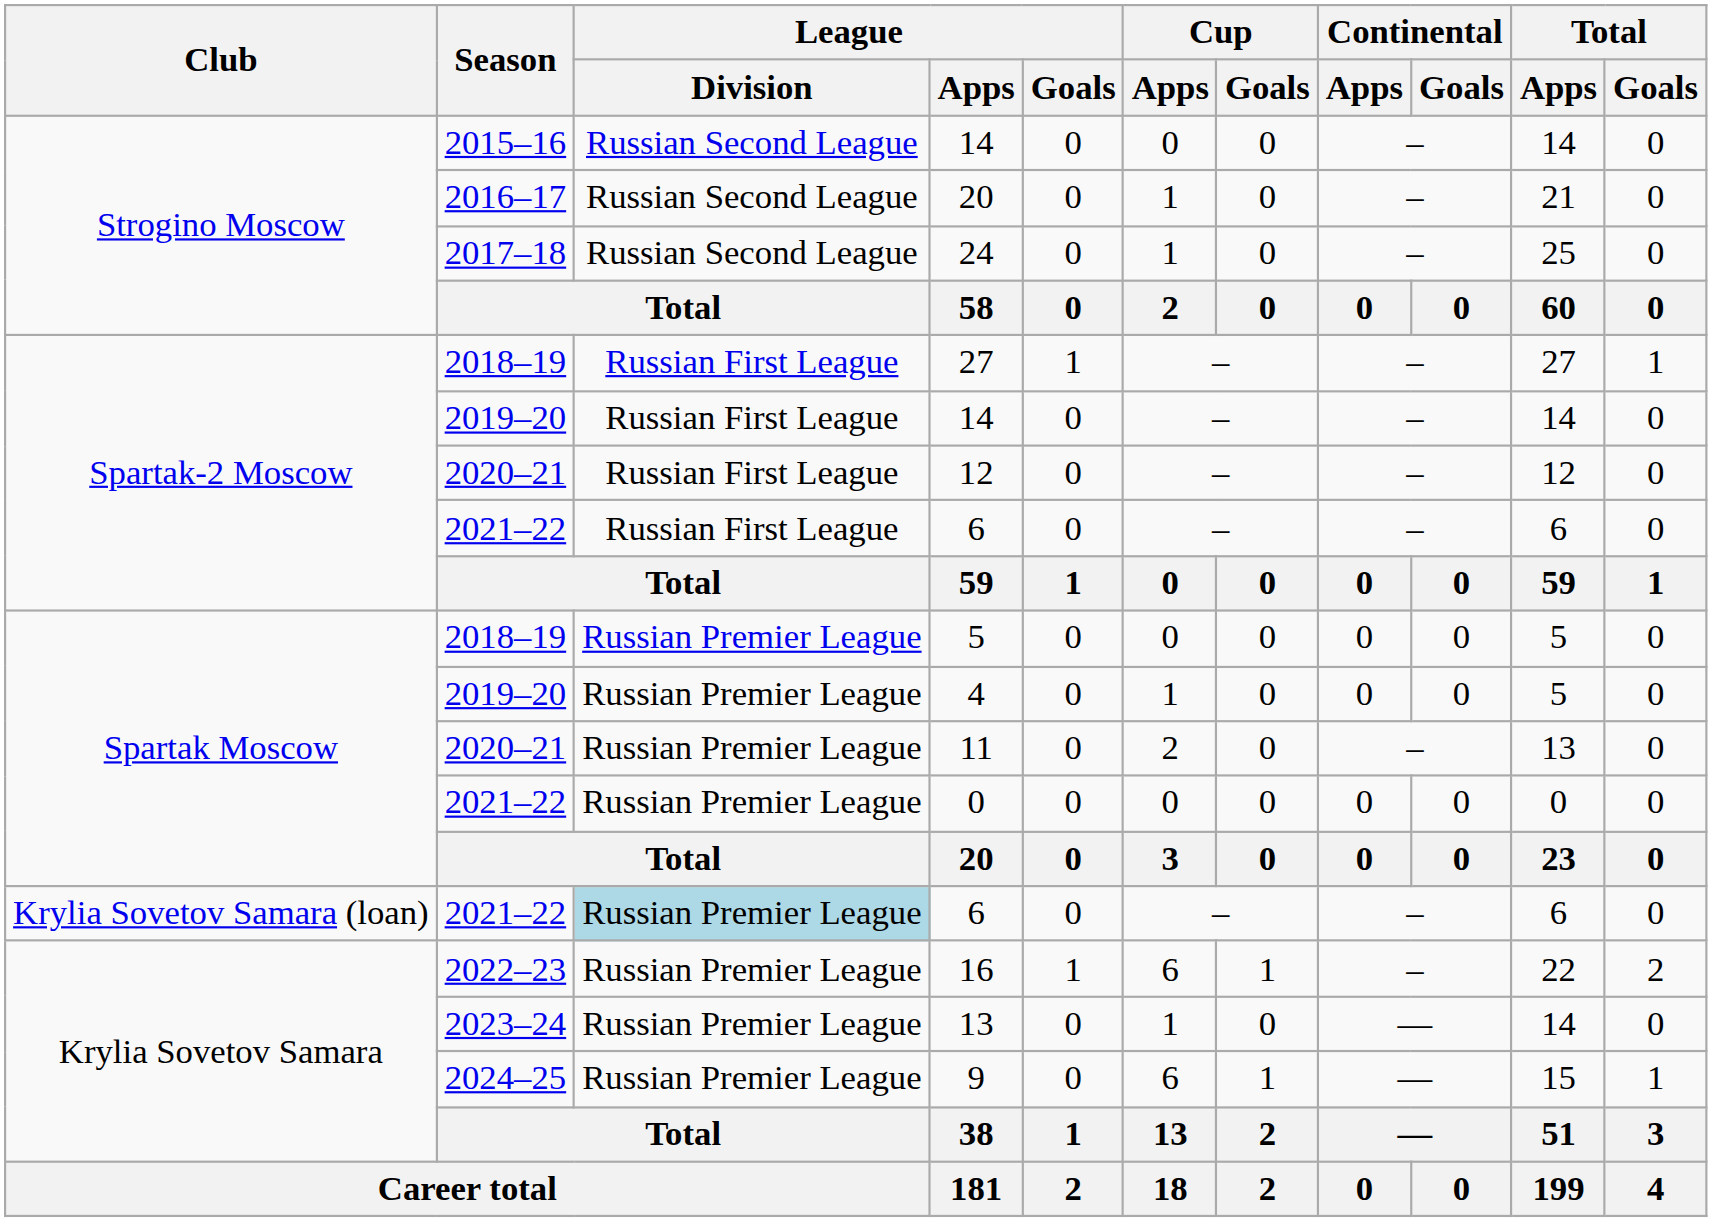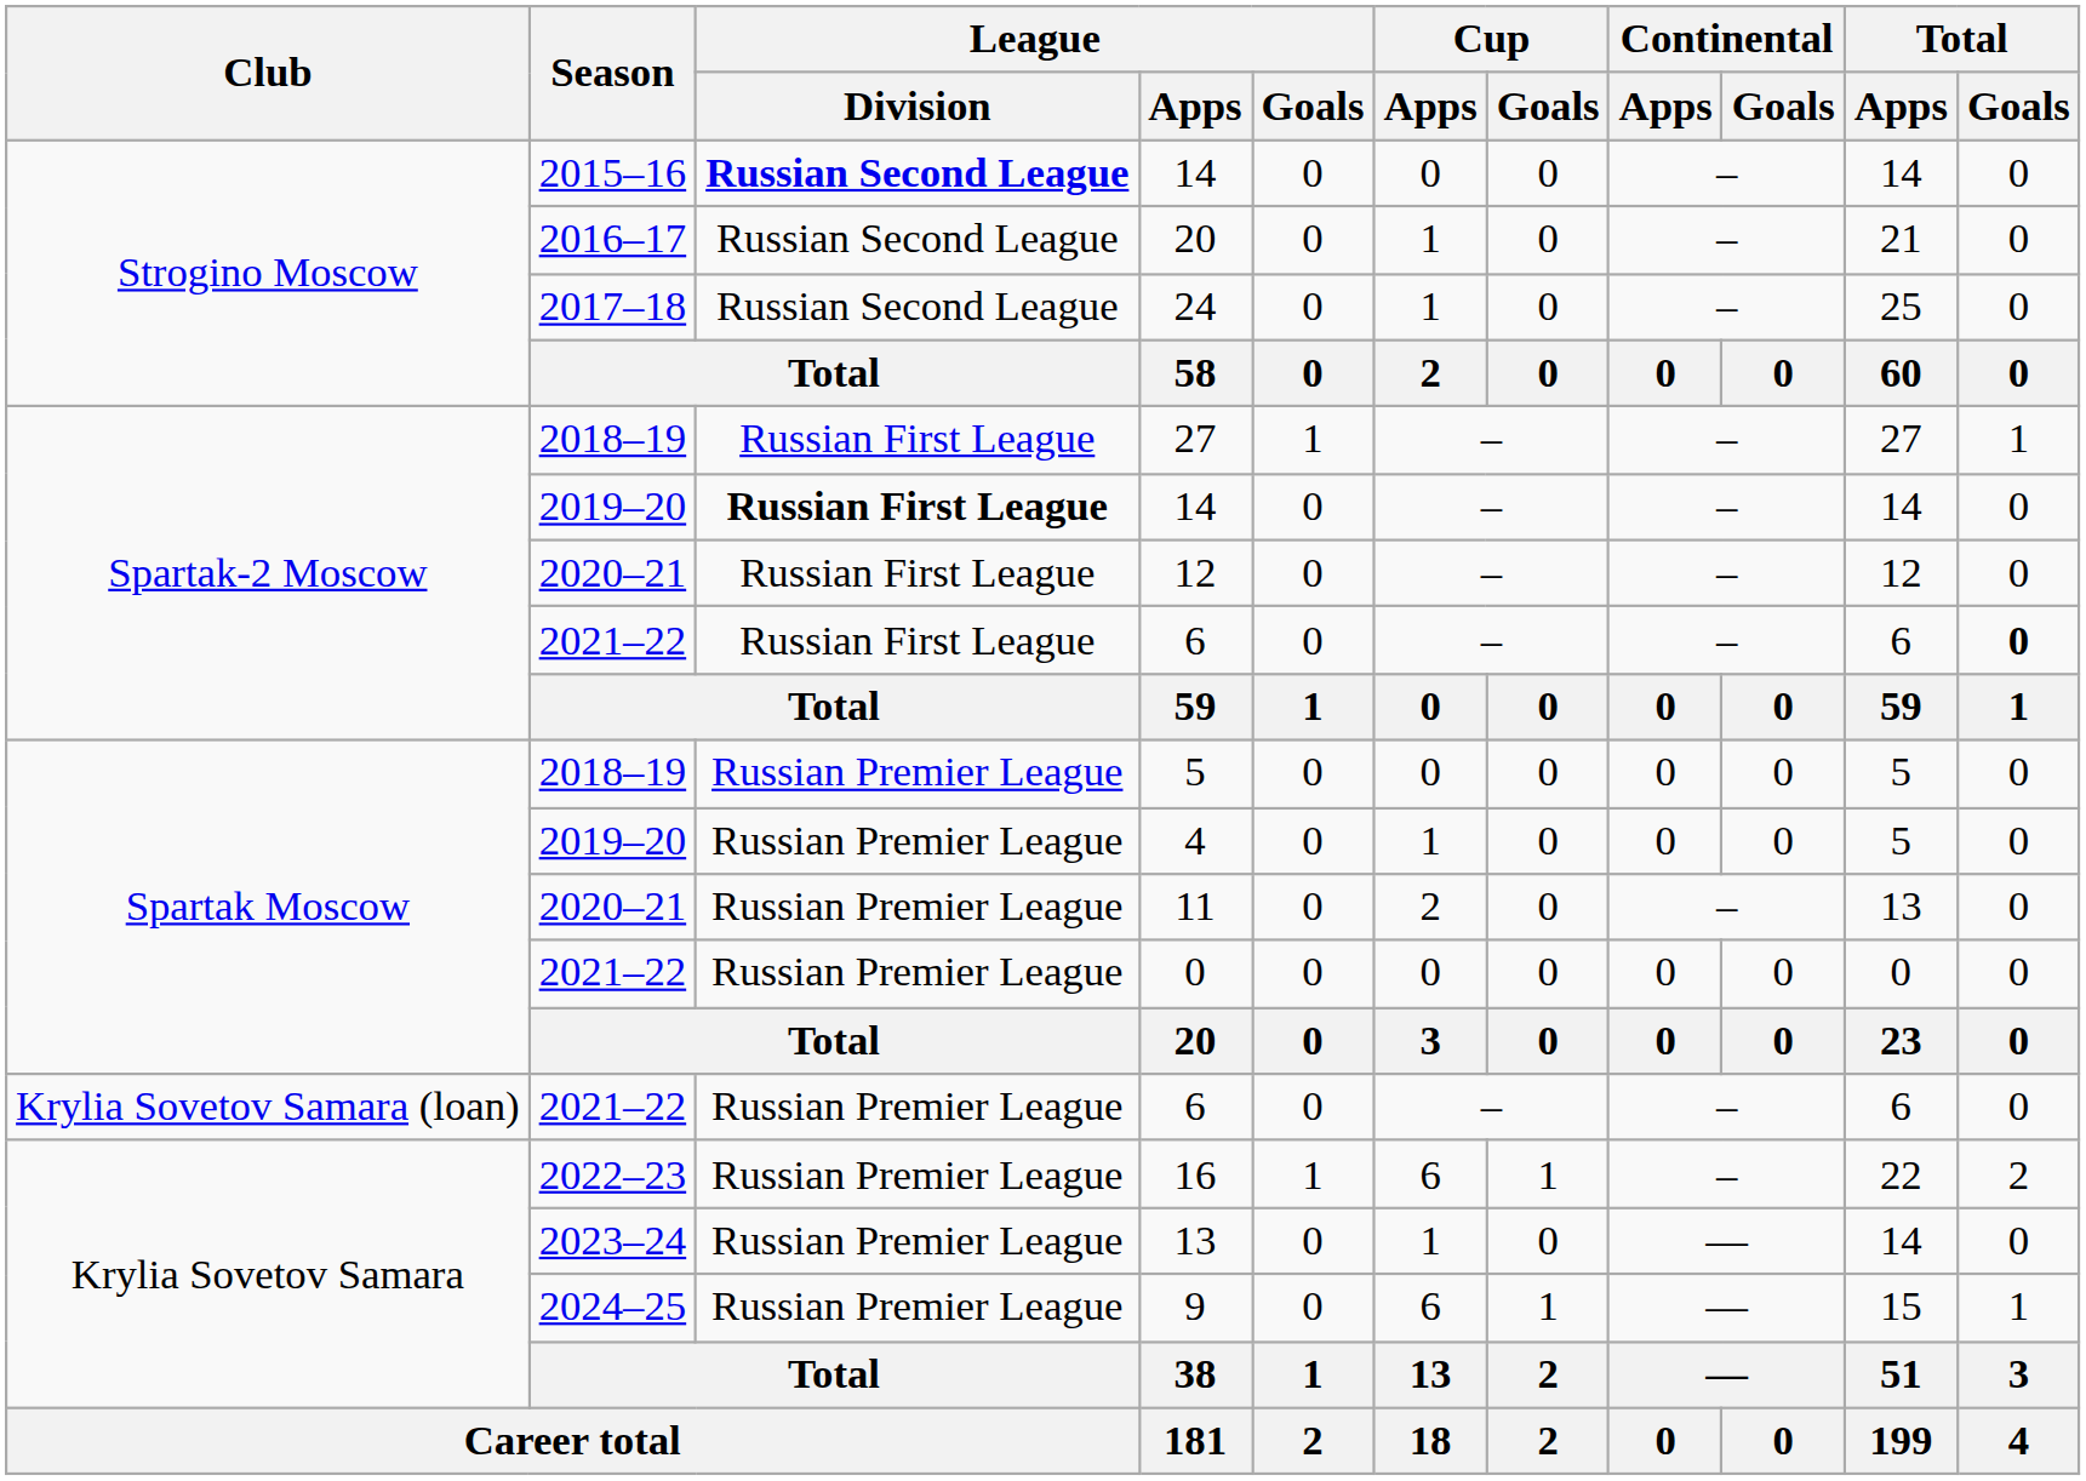 <table class="wikitable" style="text-align: center;">
 <tr>
 <th rowspan="2">Club</th>
 <th rowspan="2">Season</th>
 <th colspan="3">League</th>
 <th colspan="2">Cup</th>
 <th colspan="2">Continental</th>
 <th colspan="2">Total</th>
 </tr>
 <tr>
 <th>Division</th>
 <th>Apps</th>
 <th>Goals</th>
 <th>Apps</th>
 <th>Goals</th>
 <th>Apps</th>
 <th>Goals</th>
 <th>Apps</th>
 <th>Goals</th>
 </tr>
 <tr>
 <td rowspan="4"><a href='#'>Strogino Moscow</a></td>
 <td><a href='#'>2015–16</a></td>
-<td><a href='#'>Russian Second League</a></td>
+<td><strong><a href='#'>Russian Second League</a></strong></td>
 <td>14</td>
 <td>0</td>
 <td>0</td>
 <td>0</td>
 <td colspan=2>–</td>
 <td>14</td>
 <td>0</td>
 </tr>
 <tr>
 <td><a href='#'>2016–17</a></td>
 <td>Russian Second League</td>
 <td>20</td>
 <td>0</td>
 <td>1</td>
 <td>0</td>
 <td colspan=2>–</td>
 <td>21</td>
 <td>0</td>
 </tr>
 <tr>
 <td><a href='#'>2017–18</a></td>
 <td>Russian Second League</td>
 <td>24</td>
 <td>0</td>
 <td>1</td>
 <td>0</td>
 <td colspan=2>–</td>
 <td>25</td>
 <td>0</td>
 </tr>
 <tr>
 <th colspan=2>Total</th>
 <th>58</th>
 <th>0</th>
 <th>2</th>
 <th>0</th>
 <th>0</th>
 <th>0</th>
 <th>60</th>
 <th>0</th>
 </tr>
 <tr>
 <td rowspan="5"><a href='#'>Spartak-2 Moscow</a></td>
 <td><a href='#'>2018–19</a></td>
 <td><a href='#'>Russian First League</a></td>
 <td>27</td>
 <td>1</td>
 <td colspan=2>–</td>
 <td colspan=2>–</td>
 <td>27</td>
 <td>1</td>
 </tr>
 <tr>
 <td><a href='#'>2019–20</a></td>
-<td>Russian First League</td>
+<td><strong>Russian First League</strong></td>
 <td>14</td>
 <td>0</td>
 <td colspan=2>–</td>
 <td colspan=2>–</td>
 <td>14</td>
 <td>0</td>
 </tr>
 <tr>
 <td><a href='#'>2020–21</a></td>
 <td>Russian First League</td>
 <td>12</td>
 <td>0</td>
 <td colspan=2>–</td>
 <td colspan=2>–</td>
 <td>12</td>
 <td>0</td>
 </tr>
 <tr>
 <td><a href='#'>2021–22</a></td>
 <td>Russian First League</td>
 <td>6</td>
 <td>0</td>
 <td colspan=2>–</td>
 <td colspan=2>–</td>
 <td>6</td>
-<td>0</td>
+<td><strong>0</strong></td>
 </tr>
 <tr>
 <th colspan=2>Total</th>
 <th>59</th>
 <th>1</th>
 <th>0</th>
 <th>0</th>
 <th>0</th>
 <th>0</th>
 <th>59</th>
 <th>1</th>
 </tr>
 <tr>
 <td rowspan="5"><a href='#'>Spartak Moscow</a></td>
 <td><a href='#'>2018–19</a></td>
 <td><a href='#'>Russian Premier League</a></td>
 <td>5</td>
 <td>0</td>
 <td>0</td>
 <td>0</td>
 <td>0</td>
 <td>0</td>
 <td>5</td>
 <td>0</td>
 </tr>
 <tr>
 <td><a href='#'>2019–20</a></td>
 <td>Russian Premier League</td>
 <td>4</td>
 <td>0</td>
 <td>1</td>
 <td>0</td>
 <td>0</td>
 <td>0</td>
 <td>5</td>
 <td>0</td>
 </tr>
 <tr>
 <td><a href='#'>2020–21</a></td>
 <td>Russian Premier League</td>
 <td>11</td>
 <td>0</td>
 <td>2</td>
 <td>0</td>
 <td colspan=2>–</td>
 <td>13</td>
 <td>0</td>
 </tr>
 <tr>
 <td><a href='#'>2021–22</a></td>
 <td>Russian Premier League</td>
 <td>0</td>
 <td>0</td>
 <td>0</td>
 <td>0</td>
 <td>0</td>
 <td>0</td>
 <td>0</td>
 <td>0</td>
 </tr>
 <tr>
 <th colspan=2>Total</th>
 <th>20</th>
 <th>0</th>
 <th>3</th>
 <th>0</th>
 <th>0</th>
 <th>0</th>
 <th>23</th>
 <th>0</th>
 </tr>
 <tr>
 <td><a href='#'>Krylia Sovetov Samara</a> (loan)</td>
 <td><a href='#'>2021–22</a></td>
-<td style="background: lightblue;">Russian Premier League</td>
+<td>Russian Premier League</td>
 <td>6</td>
 <td>0</td>
 <td colspan=2>–</td>
 <td colspan=2>–</td>
 <td>6</td>
 <td>0</td>
 </tr>
 <tr>
 <td rowspan="4">Krylia Sovetov Samara</td>
 <td><a href='#'>2022–23</a></td>
 <td>Russian Premier League</td>
 <td>16</td>
 <td>1</td>
 <td>6</td>
 <td>1</td>
 <td colspan=2>–</td>
 <td>22</td>
 <td>2</td>
 </tr>
 <tr>
 <td><a href='#'>2023–24</a></td>
 <td>Russian Premier League</td>
 <td>13</td>
 <td>0</td>
 <td>1</td>
 <td>0</td>
 <td colspan="2">—</td>
 <td>14</td>
 <td>0</td>
 </tr>
 <tr>
 <td><a href='#'>2024–25</a></td>
 <td>Russian Premier League</td>
 <td>9</td>
 <td>0</td>
 <td>6</td>
 <td>1</td>
 <td colspan="2">—</td>
 <td>15</td>
 <td>1</td>
 </tr>
 <tr>
 <th colspan="2">Total</th>
 <th>38</th>
 <th>1</th>
 <th>13</th>
 <th>2</th>
 <th colspan="2">—</th>
 <th>51</th>
 <th>3</th>
 </tr>
 <tr>
 <th colspan="3">Career total</th>
 <th>181</th>
 <th>2</th>
 <th>18</th>
 <th>2</th>
 <th>0</th>
 <th>0</th>
 <th>199</th>
 <th>4</th>
 </tr>
 </table>
